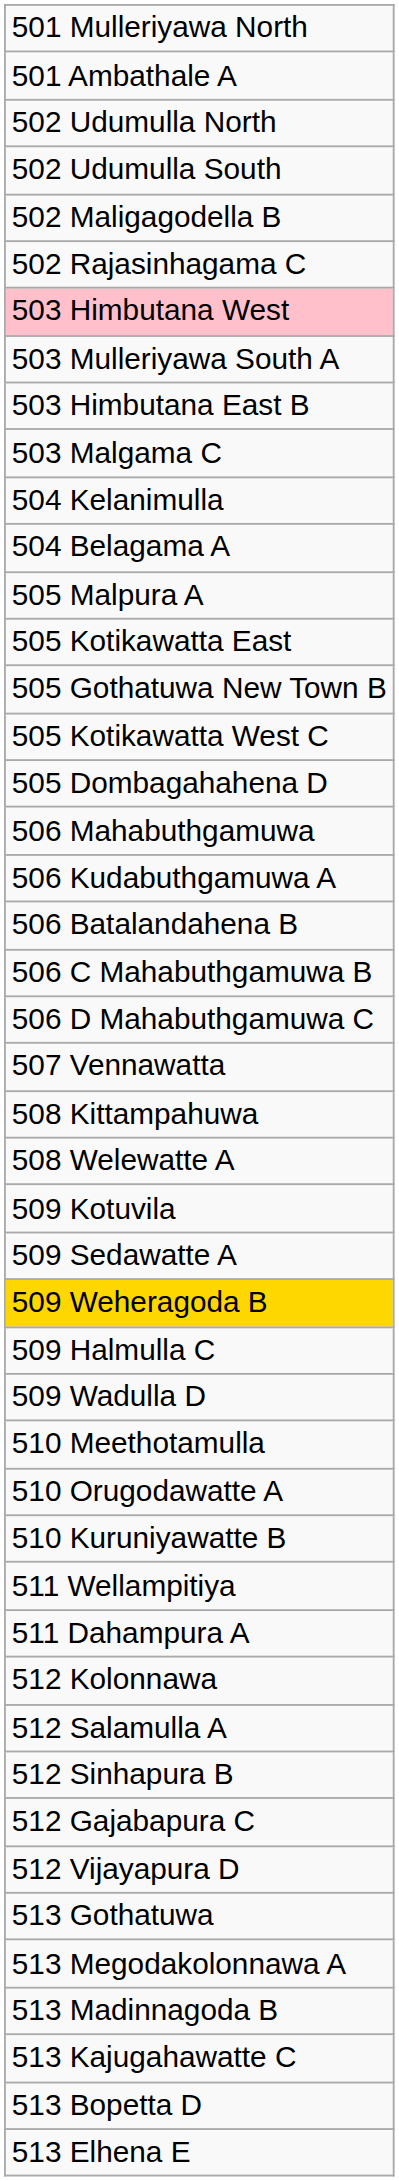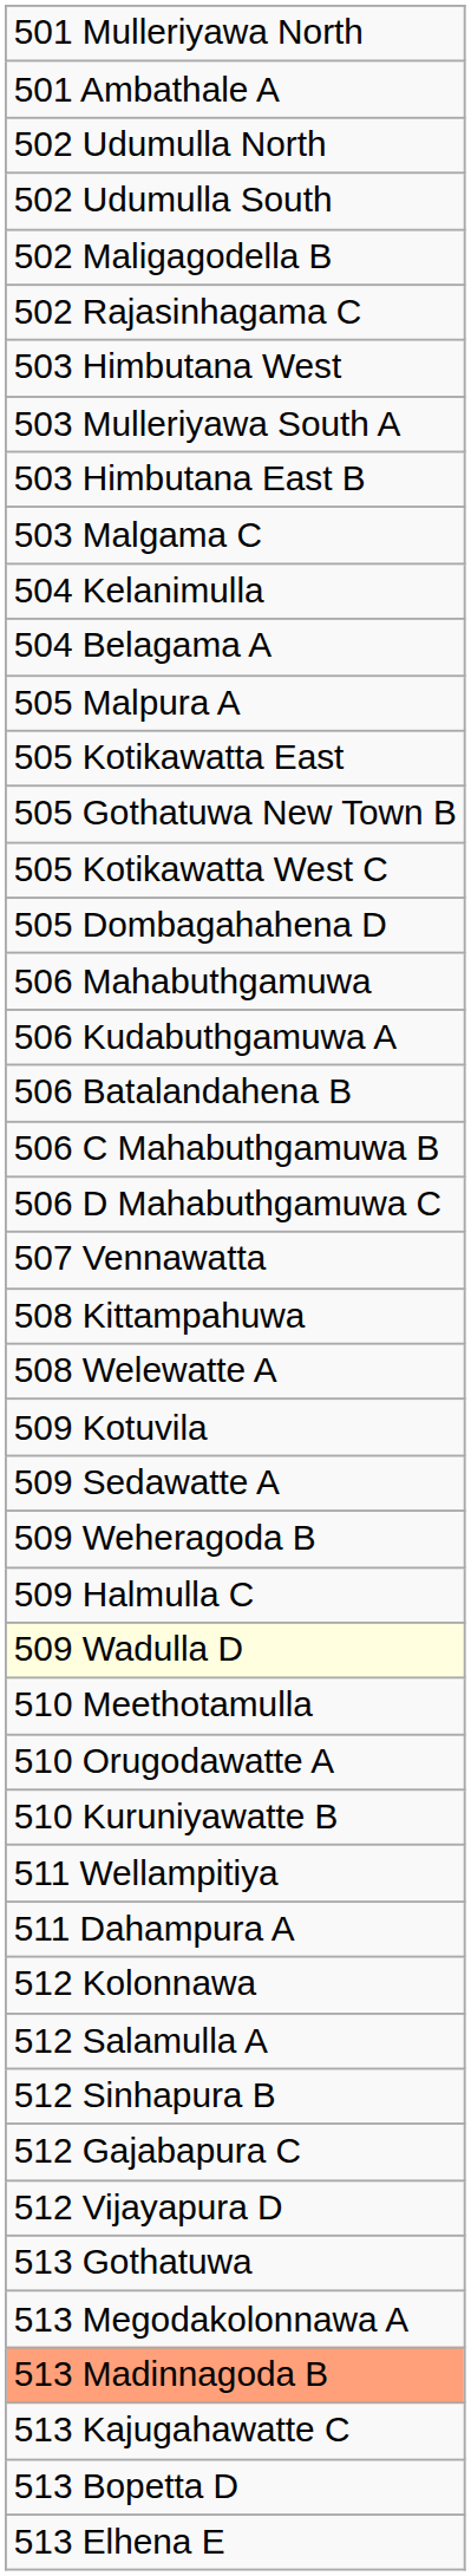 <table class="wikitable">
 <tr>
 <td>501 Mulleriyawa North</td>
 </tr>
 <tr>
 <td>501 Ambathale A</td>
 </tr>
 <tr>
 <td>502 Udumulla North</td>
 </tr>
 <tr>
 <td>502 Udumulla South</td>
 </tr>
 <tr>
 <td>502 Maligagodella B</td>
 </tr>
 <tr>
 <td>502 Rajasinhagama C</td>
 </tr>
 <tr>
-<td style="background: pink;">503 Himbutana West</td>
+<td>503 Himbutana West</td>
 </tr>
 <tr>
 <td>503 Mulleriyawa South A</td>
 </tr>
 <tr>
 <td>503 Himbutana East B</td>
 </tr>
 <tr>
 <td>503 Malgama C</td>
 </tr>
 <tr>
 <td>504 Kelanimulla</td>
 </tr>
 <tr>
 <td>504 Belagama A</td>
 </tr>
 <tr>
 <td>505 Malpura A</td>
 </tr>
 <tr>
 <td>505 Kotikawatta East</td>
 </tr>
 <tr>
 <td>505 Gothatuwa New Town B</td>
 </tr>
 <tr>
 <td>505 Kotikawatta West C</td>
 </tr>
 <tr>
 <td>505 Dombagahahena D</td>
 </tr>
 <tr>
 <td>506 Mahabuthgamuwa</td>
 </tr>
 <tr>
 <td>506 Kudabuthgamuwa A</td>
 </tr>
 <tr>
 <td>506 Batalandahena B</td>
 </tr>
 <tr>
 <td>506 C Mahabuthgamuwa B</td>
 </tr>
 <tr>
 <td>506 D Mahabuthgamuwa C</td>
 </tr>
 <tr>
 <td>507 Vennawatta</td>
 </tr>
 <tr>
 <td>508 Kittampahuwa</td>
 </tr>
 <tr>
 <td>508 Welewatte A</td>
 </tr>
 <tr>
 <td>509 Kotuvila</td>
 </tr>
 <tr>
 <td>509 Sedawatte A</td>
 </tr>
 <tr>
-<td style="background: gold;">509 Weheragoda B</td>
+<td>509 Weheragoda B</td>
 </tr>
 <tr>
 <td>509 Halmulla C</td>
 </tr>
 <tr>
-<td>509 Wadulla D</td>
+<td style="background: lightyellow;">509 Wadulla D</td>
 </tr>
 <tr>
 <td>510 Meethotamulla</td>
 </tr>
 <tr>
 <td>510 Orugodawatte A</td>
 </tr>
 <tr>
 <td>510 Kuruniyawatte B</td>
 </tr>
 <tr>
 <td>511 Wellampitiya</td>
 </tr>
 <tr>
 <td>511 Dahampura A</td>
 </tr>
 <tr>
 <td>512 Kolonnawa</td>
 </tr>
 <tr>
 <td>512 Salamulla A</td>
 </tr>
 <tr>
 <td>512 Sinhapura B</td>
 </tr>
 <tr>
 <td>512 Gajabapura C</td>
 </tr>
 <tr>
 <td>512 Vijayapura D</td>
 </tr>
 <tr>
 <td>513 Gothatuwa</td>
 </tr>
 <tr>
 <td>513 Megodakolonnawa A</td>
 </tr>
 <tr>
-<td>513 Madinnagoda B</td>
+<td style="background: lightsalmon;">513 Madinnagoda B</td>
 </tr>
 <tr>
 <td>513 Kajugahawatte C</td>
 </tr>
 <tr>
 <td>513 Bopetta D</td>
 </tr>
 <tr>
 <td>513 Elhena E</td>
 </tr>
 </table>
